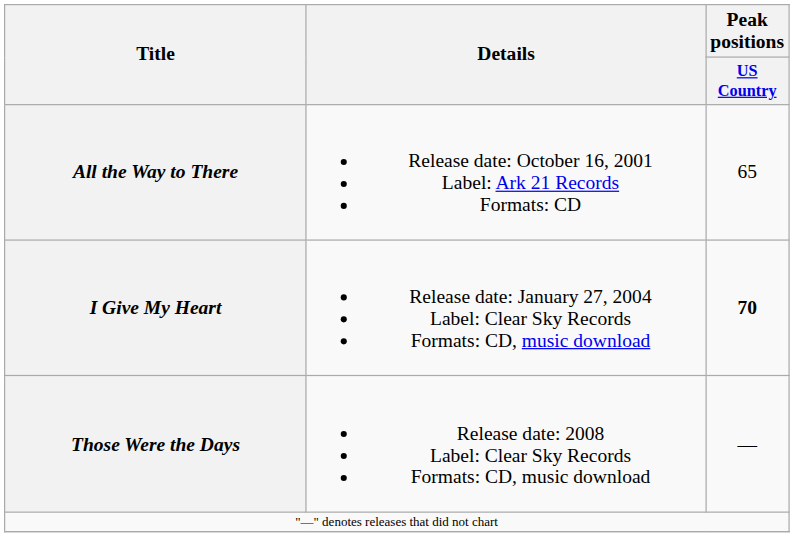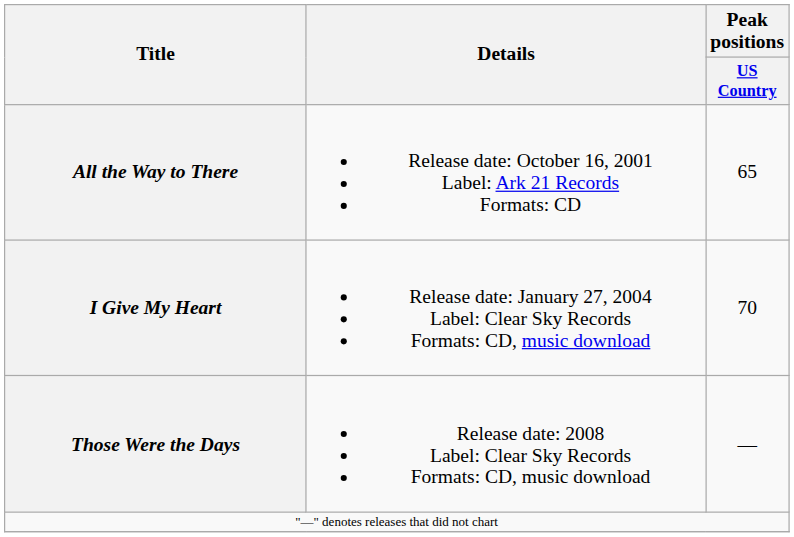 <table class="wikitable plainrowheaders" style="text-align:center;">
 <tr>
 <th rowspan="2" style="width:15em;">Title</th>
 <th rowspan="2" style="width:20em;">Details</th>
 <th colspan="1">Peak positions</th>
 </tr>
 <tr style="font-size:smaller;">
 <th width="40"><a href='#'>US Country</a><br></th>
 </tr>
 <tr>
 <th scope="row"><em>All the Way to There</em></th>
 <td><br><ul><li>Release date: October 16, 2001</li><li>Label: <a href='#'>Ark 21 Records</a></li><li>Formats: CD</li></ul></td>
 <td>65</td>
 </tr>
 <tr>
 <th scope="row"><em>I Give My Heart</em></th>
 <td><br><ul><li>Release date: January 27, 2004</li><li>Label: Clear Sky Records</li><li>Formats: CD, <a href='#'>music download</a></li></ul></td>
-<td><strong>70</strong></td>
+<td>70</td>
 </tr>
 <tr>
 <th scope="row"><em>Those Were the Days</em></th>
 <td><br><ul><li>Release date: 2008</li><li>Label: Clear Sky Records</li><li>Formats: CD, music download</li></ul></td>
 <td>—</td>
 </tr>
 <tr>
 <td colspan="10" style="font-size:8pt">"—" denotes releases that did not chart</td>
 </tr>
 <tr>
 </tr>
 </table>
